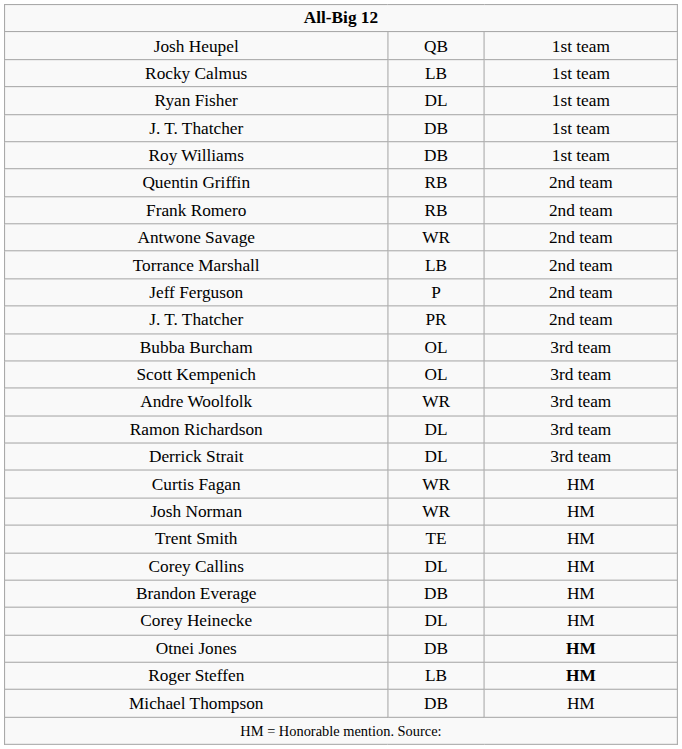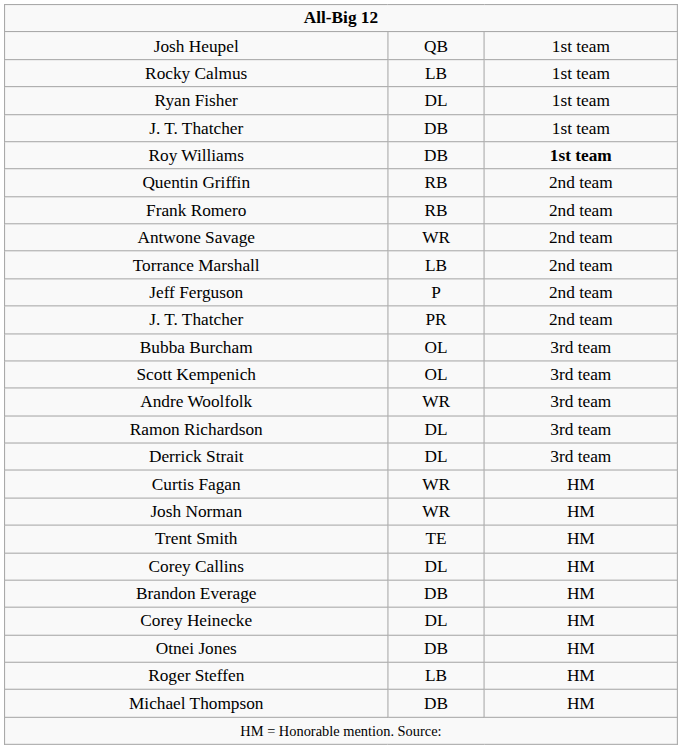 <table class="wikitable" style="width:100%;text-align: center;">
 <tr>
 <td colspan=4><strong>All-Big 12</strong><br></td>
 </tr>
 <tr>
 <td>Josh Heupel</td>
 <td>QB</td>
 <td>1st team</td>
 </tr>
 <tr>
 <td>Rocky Calmus</td>
 <td>LB</td>
 <td>1st team</td>
 </tr>
 <tr>
 <td>Ryan Fisher</td>
 <td>DL</td>
 <td>1st team</td>
 </tr>
 <tr>
 <td>J. T. Thatcher</td>
 <td>DB</td>
 <td>1st team</td>
 </tr>
 <tr>
 <td>Roy Williams</td>
 <td>DB</td>
-<td>1st team</td>
+<td><strong>1st team</strong></td>
 </tr>
 <tr>
 <td>Quentin Griffin</td>
 <td>RB</td>
 <td>2nd team</td>
 </tr>
 <tr>
 <td>Frank Romero</td>
 <td>RB</td>
 <td>2nd team</td>
 </tr>
 <tr>
 <td>Antwone Savage</td>
 <td>WR</td>
 <td>2nd team</td>
 </tr>
 <tr>
 <td>Torrance Marshall</td>
 <td>LB</td>
 <td>2nd team</td>
 </tr>
 <tr>
 <td>Jeff Ferguson</td>
 <td>P</td>
 <td>2nd team</td>
 </tr>
 <tr>
 <td>J. T. Thatcher</td>
 <td>PR</td>
 <td>2nd team</td>
 </tr>
 <tr>
 <td>Bubba Burcham</td>
 <td>OL</td>
 <td>3rd team</td>
 </tr>
 <tr>
 <td>Scott Kempenich</td>
 <td>OL</td>
 <td>3rd team</td>
 </tr>
 <tr>
 <td>Andre Woolfolk</td>
 <td>WR</td>
 <td>3rd team</td>
 </tr>
 <tr>
 <td>Ramon Richardson</td>
 <td>DL</td>
 <td>3rd team</td>
 </tr>
 <tr>
 <td>Derrick Strait</td>
 <td>DL</td>
 <td>3rd team</td>
 </tr>
 <tr>
 <td>Curtis Fagan</td>
 <td>WR</td>
 <td>HM</td>
 </tr>
 <tr>
 <td>Josh Norman</td>
 <td>WR</td>
 <td>HM</td>
 </tr>
 <tr>
 <td>Trent Smith</td>
 <td>TE</td>
 <td>HM</td>
 </tr>
 <tr>
 <td>Corey Callins</td>
 <td>DL</td>
 <td>HM</td>
 </tr>
 <tr>
 <td>Brandon Everage</td>
 <td>DB</td>
 <td>HM</td>
 </tr>
 <tr>
 <td>Corey Heinecke</td>
 <td>DL</td>
 <td>HM</td>
 </tr>
 <tr>
 <td>Otnei Jones</td>
 <td>DB</td>
-<td><strong>HM</strong></td>
+<td>HM</td>
 </tr>
 <tr>
 <td>Roger Steffen</td>
 <td>LB</td>
-<td><strong>HM</strong></td>
+<td>HM</td>
 </tr>
 <tr>
 <td>Michael Thompson</td>
 <td>DB</td>
 <td>HM</td>
 </tr>
 <tr>
 <td colspan="3"><small>HM = Honorable mention. Source: </small></td>
 </tr>
 </table>
